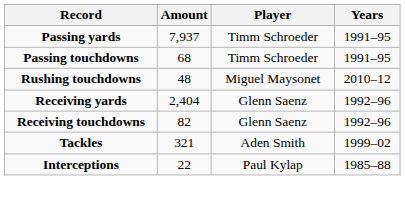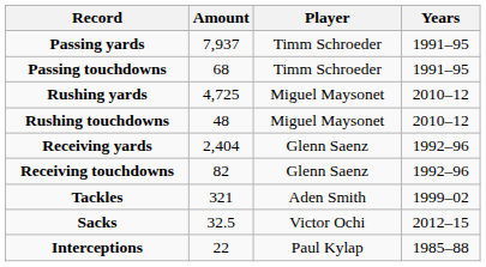 <table class="wikitable" style="text-align: center;">
 <tr>
 <th style="width:175px; ">Record</th>
 <th style="width:35px; ">Amount</th>
 <th style="width:140px; ">Player</th>
 <th style="width:70px; ">Years</th>
 </tr>
 <tr>
 <td><strong>Passing yards</strong></td>
 <td>7,937</td>
 <td>Timm Schroeder</td>
 <td>1991–95</td>
 </tr>
 <tr>
 <td><strong>Passing touchdowns</strong></td>
 <td>68</td>
 <td>Timm Schroeder</td>
 <td>1991–95</td>
+</tr>
+<tr>
+<td><strong>Rushing yards</strong></td>
+<td>4,725</td>
+<td>Miguel Maysonet</td>
+<td>2010–12</td>
 </tr>
 <tr>
 <td><strong>Rushing touchdowns</strong></td>
 <td>48</td>
 <td>Miguel Maysonet</td>
 <td>2010–12</td>
 </tr>
 <tr>
 <td><strong>Receiving yards</strong></td>
 <td>2,404</td>
 <td>Glenn Saenz</td>
 <td>1992–96</td>
 </tr>
 <tr>
 <td><strong>Receiving touchdowns</strong></td>
 <td>82</td>
 <td>Glenn Saenz</td>
 <td>1992–96</td>
 </tr>
 <tr>
 <td><strong>Tackles</strong></td>
 <td>321</td>
 <td>Aden Smith</td>
 <td>1999–02</td>
 </tr>
 <tr>
+<td><strong>Sacks</strong></td>
+<td>32.5</td>
+<td>Victor Ochi</td>
+<td>2012–15</td>
+</tr>
+<tr>
 <td><strong>Interceptions</strong></td>
 <td>22</td>
 <td>Paul Kylap</td>
 <td>1985–88</td>
 </tr>
 </table>
